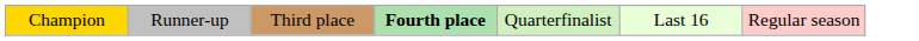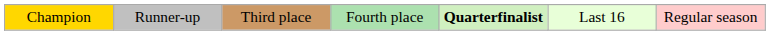 <table class="wikitable" style="font-size:90%; text-align:center;">
 <tr>
 </tr>
 <tr>
 <td style="background:gold;" width=14%>Champion</td>
 <td style="background:silver;" width=14%>Runner-up</td>
 <td style="background:#CC9966;" width=14%>Third place</td>
-<td style="background:#ACE1AF;" width=14%><strong>Fourth place</strong></td>
-<td style="background:#D0F0C0;" width=14%>Quarterfinalist</td>
+<td style="background:#ACE1AF;" width=14%>Fourth place</td>
+<td style="background:#D0F0C0;" width=14%><strong>Quarterfinalist</strong></td>
 <td style="background:#E8FFD8;" width=14%>Last 16</td>
 <td style="background:#ffcccc;" width=14%>Regular season</td>
 </tr>
 </table>
